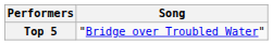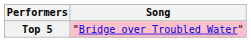 <table class="wikitable unsortable" style="text-align:center;">
 <tr>
 <th scope="col">Performers</th>
 <th scope="col">Song</th>
 </tr>
 <tr>
 <th scope="row">Top 5</th>
-<td>"<a href='#'>Bridge over Troubled Water</a>"</td>
+<td style="background: pink;">"<a href='#'>Bridge over Troubled Water</a>"</td>
 </tr>
 </table>
